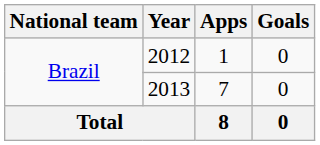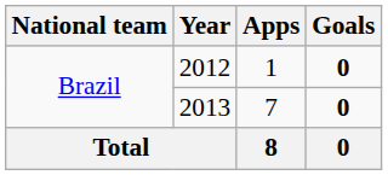 <table class="wikitable" style="text-align:center">
 <tr>
 <th>National team</th>
 <th>Year</th>
 <th>Apps</th>
 <th>Goals</th>
 </tr>
 <tr>
 <td rowspan="2"><a href='#'>Brazil</a></td>
 <td>2012</td>
 <td>1</td>
-<td>0</td>
+<td><strong>0</strong></td>
 </tr>
 <tr>
 <td>2013</td>
 <td>7</td>
-<td>0</td>
+<td><strong>0</strong></td>
 </tr>
 <tr>
 <th colspan="2">Total</th>
 <th>8</th>
 <th>0</th>
 </tr>
 </table>
